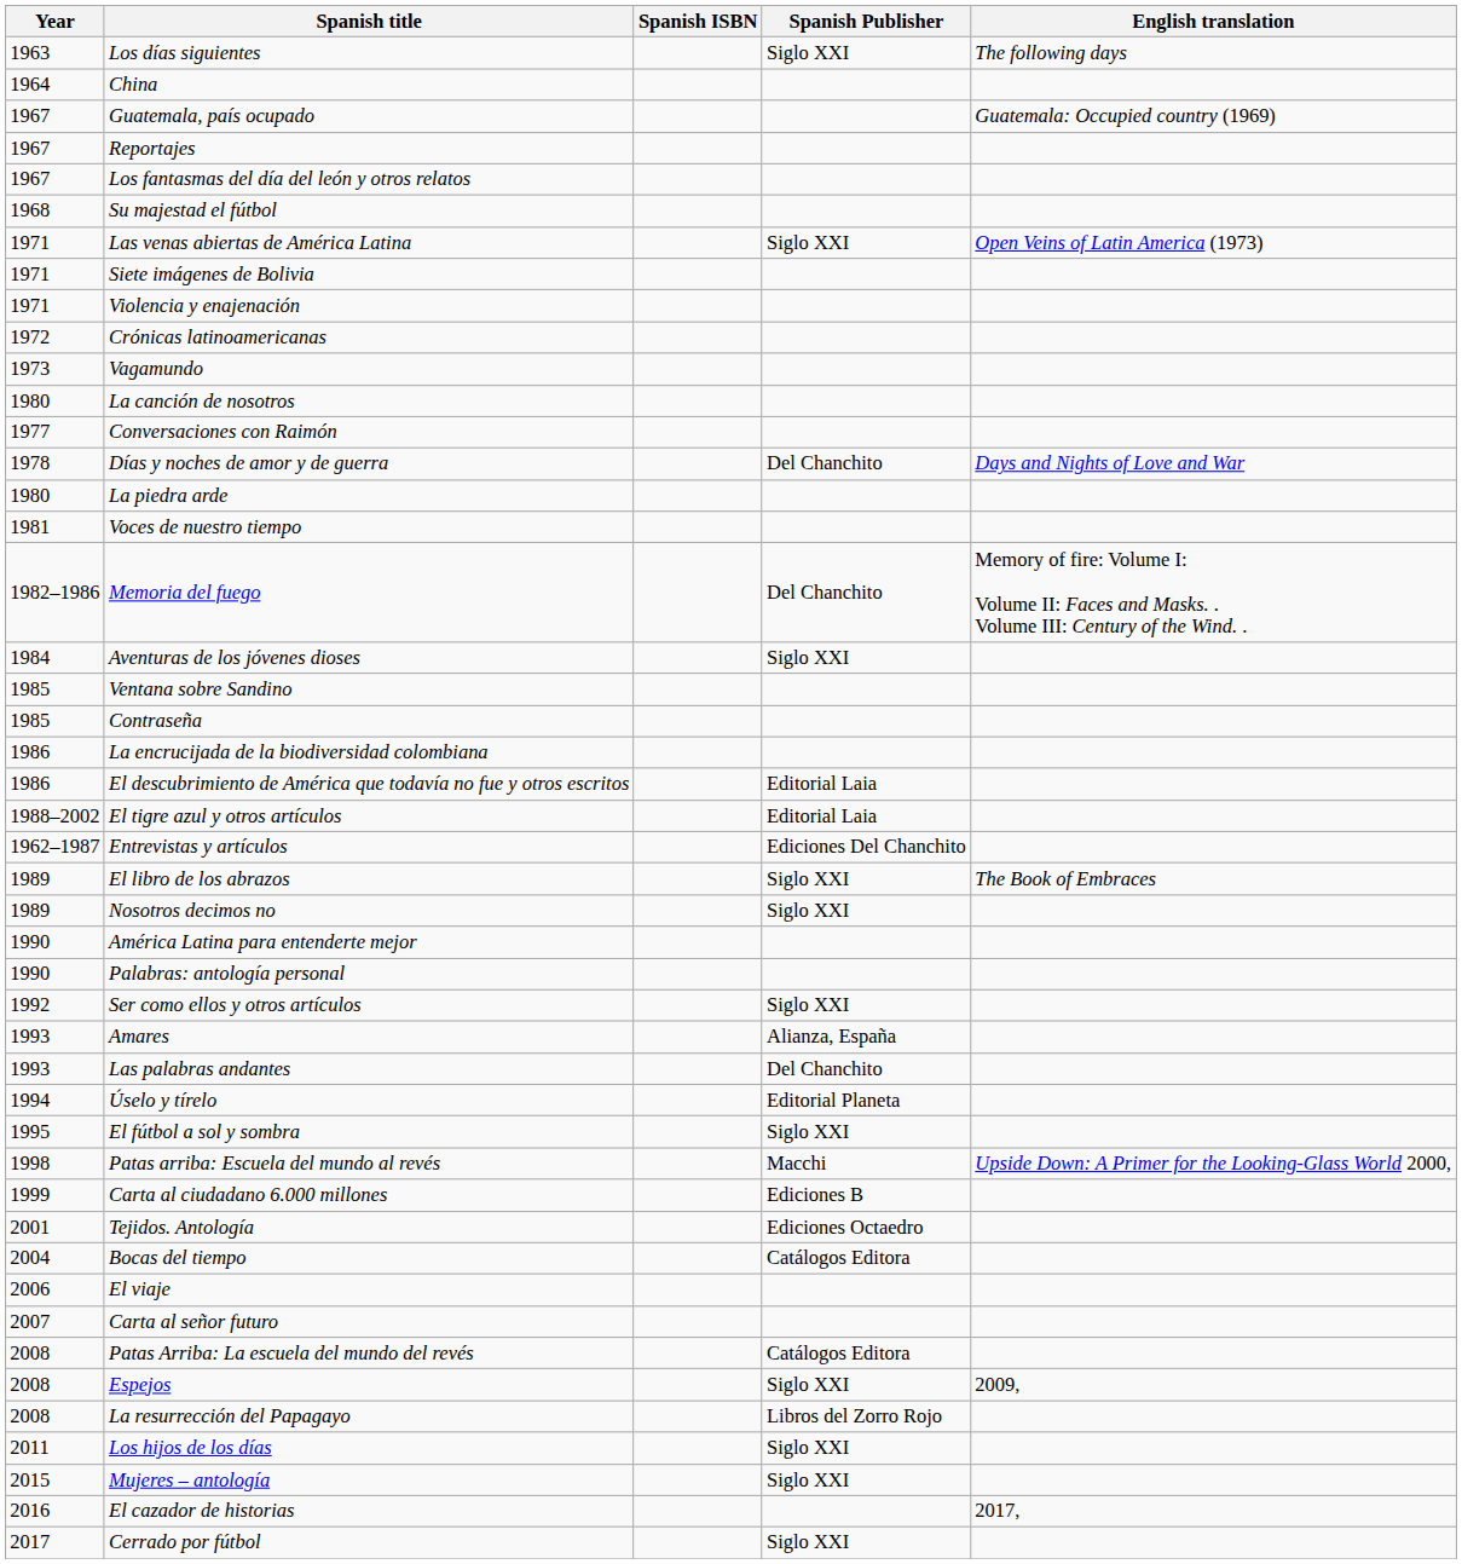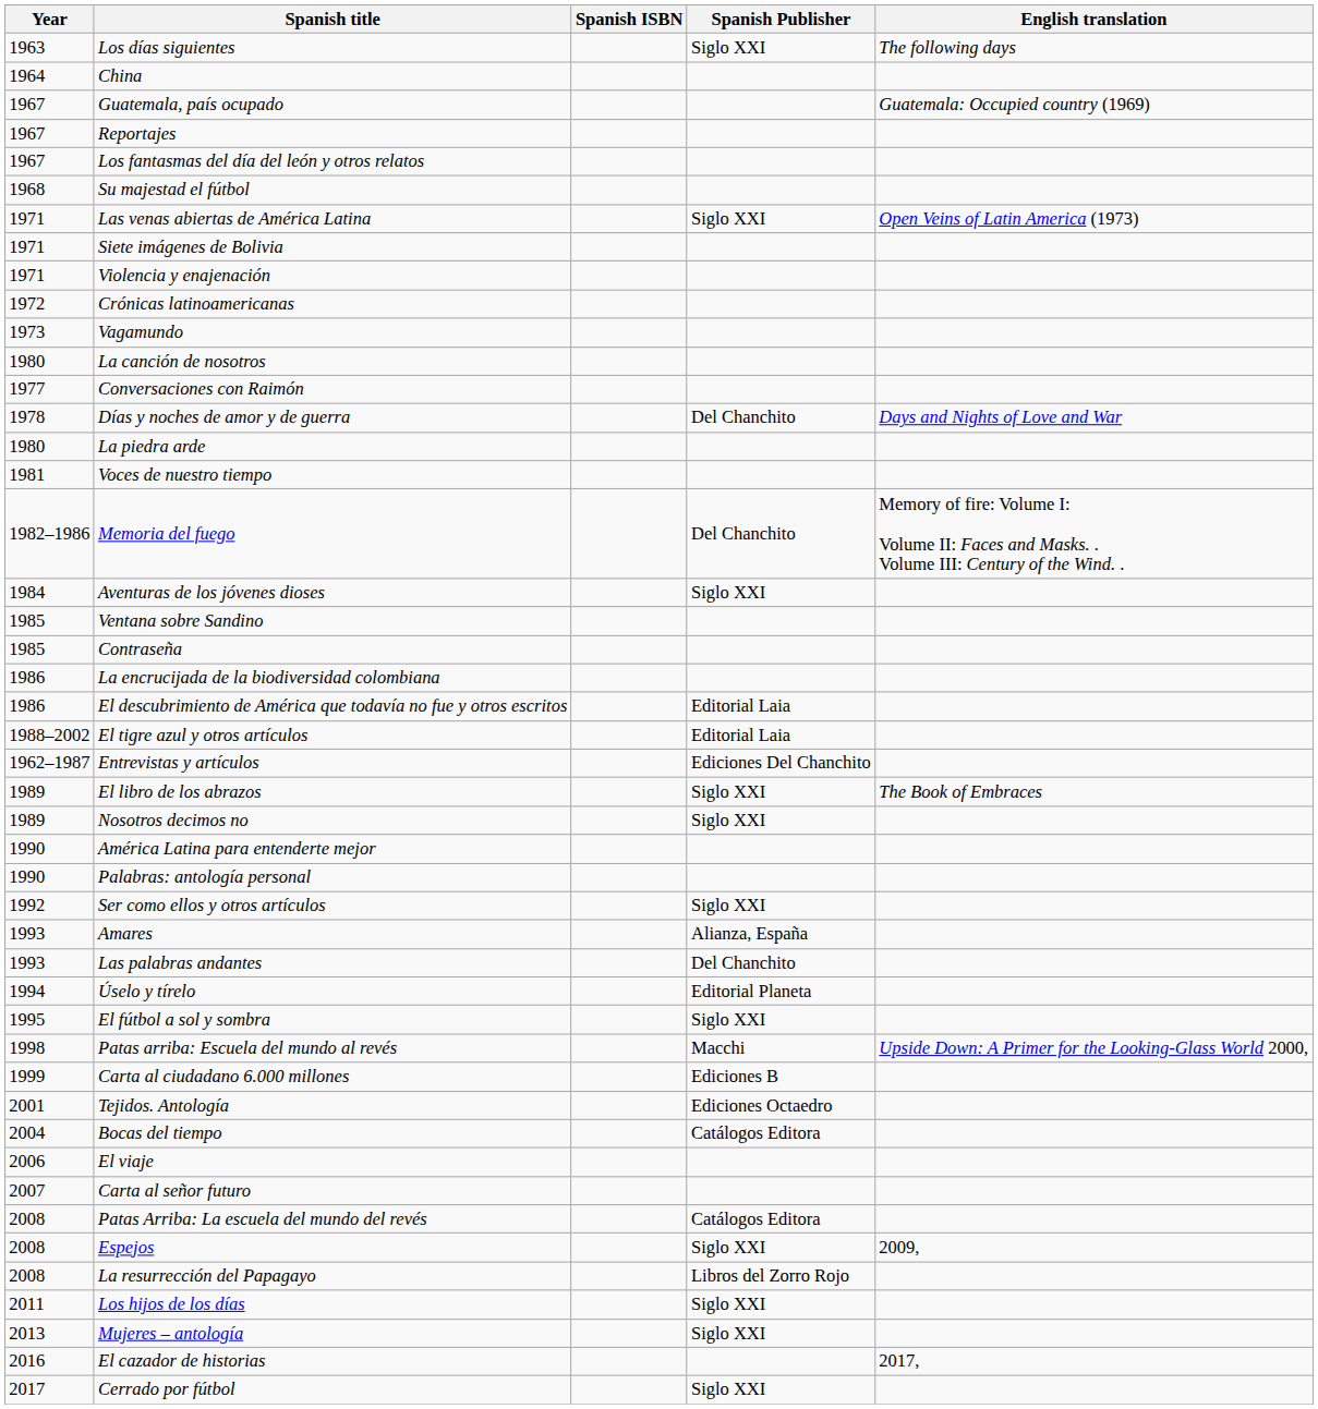 <table class="sortable wikitable">
 <tr>
 <th>Year</th>
 <th>Spanish title</th>
 <th>Spanish ISBN</th>
 <th>Spanish Publisher</th>
 <th>English translation</th>
 </tr>
 <tr>
 <td>1963</td>
 <td><em>Los días siguientes</em></td>
 <td></td>
 <td>Siglo XXI</td>
 <td><em>The following days</em></td>
 </tr>
 <tr>
 <td>1964</td>
 <td><em>China</em></td>
 <td></td>
 <td></td>
 <td></td>
 </tr>
 <tr>
 <td>1967</td>
 <td><em>Guatemala, país ocupado</em></td>
 <td></td>
 <td></td>
 <td><em>Guatemala:  Occupied country</em> (1969)</td>
 </tr>
 <tr>
 <td>1967</td>
 <td><em>Reportajes</em></td>
 <td></td>
 <td></td>
 <td></td>
 </tr>
 <tr>
 <td>1967</td>
 <td><em>Los fantasmas del día del león y otros relatos</em></td>
 <td></td>
 <td></td>
 <td></td>
 </tr>
 <tr>
 <td>1968</td>
 <td><em>Su majestad el fútbol</em></td>
 <td></td>
 <td></td>
 <td></td>
 </tr>
 <tr>
 <td>1971</td>
 <td><em>Las venas abiertas de América Latina</em></td>
 <td></td>
 <td>Siglo XXI</td>
 <td><em><a href='#'>Open Veins of Latin America</a></em> (1973) </td>
 </tr>
 <tr>
 <td>1971</td>
 <td><em>Siete imágenes de Bolivia</em></td>
 <td></td>
 <td></td>
 <td></td>
 </tr>
 <tr>
 <td>1971</td>
 <td><em>Violencia y enajenación</em></td>
 <td></td>
 <td></td>
 <td></td>
 </tr>
 <tr>
 <td>1972</td>
 <td><em>Crónicas latinoamericanas</em></td>
 <td></td>
 <td></td>
 <td></td>
 </tr>
 <tr>
 <td>1973</td>
 <td><em>Vagamundo</em></td>
 <td></td>
 <td></td>
 <td></td>
 </tr>
 <tr>
 <td>1980</td>
 <td><em>La canción de nosotros</em></td>
 <td></td>
 <td></td>
 <td></td>
 </tr>
 <tr>
 <td>1977</td>
 <td><em>Conversaciones con Raimón</em></td>
 <td></td>
 <td></td>
 <td></td>
 </tr>
 <tr>
 <td>1978</td>
 <td><em>Días y noches de amor y de guerra</em></td>
 <td></td>
 <td>Del Chanchito</td>
 <td><em><a href='#'>Days and Nights of Love and War</a></em> </td>
 </tr>
 <tr>
 <td>1980</td>
 <td><em>La piedra arde</em></td>
 <td></td>
 <td></td>
 <td></td>
 </tr>
 <tr>
 <td>1981</td>
 <td><em>Voces de nuestro tiempo</em></td>
 <td></td>
 <td></td>
 <td></td>
 </tr>
 <tr>
 <td>1982–1986</td>
 <td><em><a href='#'>Memoria del fuego</a></em></td>
 <td></td>
 <td>Del Chanchito</td>
 <td>Memory of fire:  Volume I: <br><br>Volume II: <em>Faces and Masks.</em> .<br> Volume III: <em>Century of the Wind.</em> .</td>
 </tr>
 <tr>
 <td>1984</td>
 <td><em>Aventuras de los jóvenes dioses</em></td>
 <td></td>
 <td>Siglo XXI</td>
 <td></td>
 </tr>
 <tr>
 <td>1985</td>
 <td><em>Ventana sobre Sandino</em></td>
 <td></td>
 <td></td>
 <td></td>
 </tr>
 <tr>
 <td>1985</td>
 <td><em>Contraseña</em></td>
 <td></td>
 <td></td>
 <td></td>
 </tr>
 <tr>
 <td>1986</td>
 <td><em>La encrucijada de la biodiversidad colombiana</em></td>
 <td></td>
 <td></td>
 <td></td>
 </tr>
 <tr>
 <td>1986</td>
 <td><em>El descubrimiento de América que todavía no fue y otros escritos</em></td>
 <td></td>
 <td>Editorial Laia</td>
 <td></td>
 </tr>
 <tr>
 <td>1988–2002</td>
 <td><em>El tigre azul y otros artículos</em></td>
 <td></td>
 <td>Editorial Laia</td>
 <td></td>
 </tr>
 <tr>
 <td>1962–1987</td>
 <td><em>Entrevistas y artículos</em></td>
 <td></td>
 <td>Ediciones Del Chanchito</td>
 <td></td>
 </tr>
 <tr>
 <td>1989</td>
 <td><em>El libro de los abrazos</em></td>
 <td></td>
 <td>Siglo XXI</td>
 <td><em>The Book of Embraces</em> </td>
 </tr>
 <tr>
 <td>1989</td>
 <td><em>Nosotros decimos no</em></td>
 <td></td>
 <td>Siglo XXI</td>
 <td></td>
 </tr>
 <tr>
 <td>1990</td>
 <td><em>América Latina para entenderte mejor</em></td>
 <td></td>
 <td></td>
 <td></td>
 </tr>
 <tr>
 <td>1990</td>
 <td><em>Palabras: antología personal</em></td>
 <td></td>
 <td></td>
 <td></td>
 </tr>
 <tr>
 <td>1992</td>
 <td><em>Ser como ellos y otros artículos</em></td>
 <td></td>
 <td>Siglo XXI</td>
 <td></td>
 </tr>
 <tr>
 <td>1993</td>
 <td><em>Amares</em></td>
 <td></td>
 <td>Alianza, España</td>
 <td></td>
 </tr>
 <tr>
 <td>1993</td>
 <td><em>Las palabras andantes</em></td>
 <td></td>
 <td>Del Chanchito</td>
 <td></td>
 </tr>
 <tr>
 <td>1994</td>
 <td><em>Úselo y tírelo</em></td>
 <td></td>
 <td>Editorial Planeta</td>
 <td></td>
 </tr>
 <tr>
 <td>1995</td>
 <td><em>El fútbol a sol y sombra</em></td>
 <td></td>
 <td>Siglo XXI</td>
 <td> </td>
 </tr>
 <tr>
 <td>1998</td>
 <td><em>Patas arriba: Escuela del mundo al revés</em></td>
 <td></td>
 <td>Macchi</td>
 <td><em><a href='#'>Upside Down: A Primer for the Looking-Glass World</a></em> 2000, </td>
 </tr>
 <tr>
 <td>1999</td>
 <td><em>Carta al ciudadano 6.000 millones</em></td>
 <td></td>
 <td>Ediciones B</td>
 </tr>
 <tr>
 <td>2001</td>
 <td><em>Tejidos. Antología</em></td>
 <td></td>
 <td>Ediciones Octaedro</td>
 <td></td>
 </tr>
 <tr>
 <td>2004</td>
 <td><em>Bocas del tiempo</em></td>
 <td></td>
 <td>Catálogos Editora</td>
 <td> </td>
 </tr>
 <tr>
 <td>2006</td>
 <td><em>El viaje</em></td>
 <td></td>
 <td></td>
 <td></td>
 </tr>
 <tr>
 <td>2007</td>
 <td><em>Carta al señor futuro</em></td>
 <td></td>
 <td></td>
 <td></td>
 </tr>
 <tr>
 <td>2008</td>
 <td><em>Patas Arriba: La escuela del mundo del revés</em></td>
 <td></td>
 <td>Catálogos Editora</td>
 </tr>
 <tr>
 <td>2008</td>
 <td><em><a href='#'>Espejos</a></em></td>
 <td></td>
 <td>Siglo XXI</td>
 <td> 2009, </td>
 </tr>
 <tr>
 <td>2008</td>
 <td><em>La resurrección del Papagayo</em></td>
 <td></td>
 <td>Libros del Zorro Rojo</td>
 <td></td>
 </tr>
 <tr>
 <td>2011</td>
 <td><em><a href='#'>Los hijos de los días</a></em></td>
 <td></td>
 <td>Siglo XXI</td>
 <td> </td>
 </tr>
 <tr>
-<td>2015</td>
+<td>2013</td>
 <td><em><a href='#'>Mujeres – antología</a></em></td>
 <td></td>
 <td>Siglo XXI</td>
 <td></td>
 </tr>
 <tr>
 <td>2016</td>
 <td><em>El cazador de historias</em></td>
 <td></td>
 <td></td>
 <td> 2017, </td>
 </tr>
 <tr>
 <td>2017</td>
 <td><em>Cerrado por fútbol</em></td>
 <td></td>
 <td>Siglo XXI</td>
 <td></td>
 </tr>
 </table>
